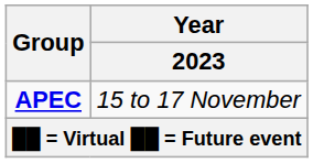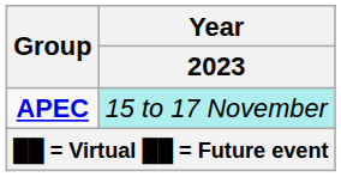 <table class="wikitable" style="margin:1em auto; font-size:85%; text-align:center;">
 <tr>
 <th rowspan="2">Group</th>
 <th colspan="4">Year</th>
 </tr>
 <tr>
 <th>2023</th>
 </tr>
 <tr>
 <td><strong><a href='#'>APEC</a></strong></td>
-<td><em>15 to 17 November</em></td>
+<td style="background: paleturquoise;"><em>15 to 17 November</em></td>
 </tr>
 <tr>
 <th colspan="7"><small><span>██</span> = Virtual <span>██</span> = Future event</small></th>
 </tr>
 </table>
